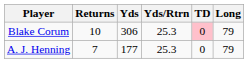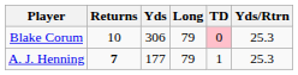 <table class="wikitable sortable sortable" style="text-align: center">
 <tr align=center>
 <th>Player</th>
 <th>Returns</th>
 <th>Yds</th>
+<th>Long</th>
+<th>TD</th>
 <th>Yds/Rtrn</th>
-<th>TD</th>
-<th>Long</th>
 </tr>
 <tr>
 <td><a href='#'>Blake Corum</a></td>
 <td>10</td>
 <td>306</td>
+<td>79</td>
+<td style="background: pink;">0</td>
 <td>25.3</td>
-<td style="background: pink;">0</td>
-<td>79</td>
 </tr>
 <tr>
 <td><a href='#'>A. J. Henning</a></td>
-<td>7</td>
+<td><strong>7</strong></td>
 <td>177</td>
+<td>79</td>
+<td>1</td>
 <td>25.3</td>
-<td>0</td>
-<td>79</td>
 </tr>
 </table>
